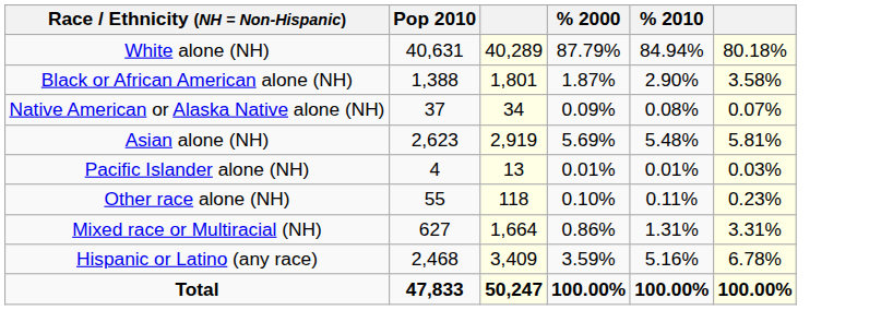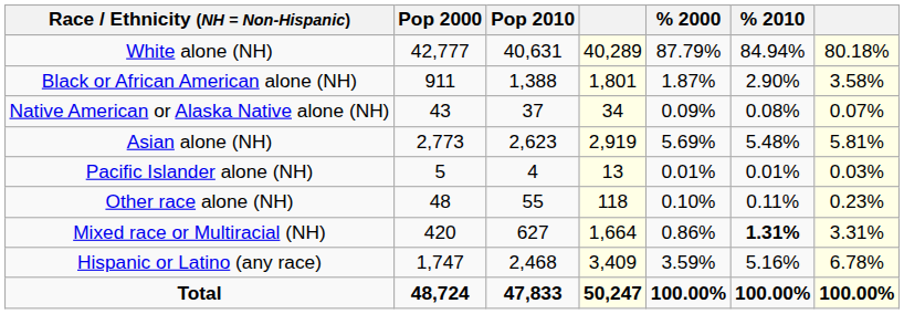 <table class="wikitable" style="text-align:center;">
 <tr>
 <th>Race / Ethnicity <small>(<em>NH = Non-Hispanic</em>)</small></th>
+<th>Pop 2000</th>
 <th>Pop 2010</th>
 <th></th>
 <th>% 2000</th>
 <th>% 2010</th>
 <th></th>
 </tr>
 <tr>
 <td><a href='#'>White</a> alone (NH)</td>
+<td>42,777</td>
 <td>40,631</td>
 <td style='background: #ffffe6;'>40,289</td>
 <td>87.79%</td>
 <td>84.94%</td>
 <td style='background: #ffffe6;'>80.18%</td>
 </tr>
 <tr>
 <td><a href='#'>Black or African American</a> alone (NH)</td>
+<td>911</td>
 <td>1,388</td>
 <td style='background: #ffffe6;'>1,801</td>
 <td>1.87%</td>
 <td>2.90%</td>
 <td style='background: #ffffe6;'>3.58%</td>
 </tr>
 <tr>
 <td><a href='#'>Native American</a> or <a href='#'>Alaska Native</a> alone (NH)</td>
+<td>43</td>
 <td>37</td>
 <td style='background: #ffffe6;'>34</td>
 <td>0.09%</td>
 <td>0.08%</td>
 <td style='background: #ffffe6;'>0.07%</td>
 </tr>
 <tr>
 <td><a href='#'>Asian</a> alone (NH)</td>
+<td>2,773</td>
 <td>2,623</td>
 <td style='background: #ffffe6;'>2,919</td>
 <td>5.69%</td>
 <td>5.48%</td>
 <td style='background: #ffffe6;'>5.81%</td>
 </tr>
 <tr>
 <td><a href='#'>Pacific Islander</a> alone (NH)</td>
+<td>5</td>
 <td>4</td>
 <td style='background: #ffffe6;'>13</td>
 <td>0.01%</td>
 <td>0.01%</td>
 <td style='background: #ffffe6;'>0.03%</td>
 </tr>
 <tr>
 <td><a href='#'>Other race</a> alone (NH)</td>
+<td>48</td>
 <td>55</td>
 <td style='background: #ffffe6;'>118</td>
 <td>0.10%</td>
 <td>0.11%</td>
 <td style='background: #ffffe6;'>0.23%</td>
 </tr>
 <tr>
 <td><a href='#'>Mixed race or Multiracial</a> (NH)</td>
+<td>420</td>
 <td>627</td>
 <td style='background: #ffffe6;'>1,664</td>
 <td>0.86%</td>
-<td>1.31%</td>
+<td><strong>1.31%</strong></td>
 <td style='background: #ffffe6;'>3.31%</td>
 </tr>
 <tr>
 <td><a href='#'>Hispanic or Latino</a> (any race)</td>
+<td>1,747</td>
 <td>2,468</td>
 <td style='background: #ffffe6;'>3,409</td>
 <td>3.59%</td>
 <td>5.16%</td>
 <td style='background: #ffffe6;'>6.78%</td>
 </tr>
 <tr>
 <td><strong>Total</strong></td>
+<td><strong>48,724</strong></td>
 <td><strong>47,833</strong></td>
 <td style='background: #ffffe6;'><strong>50,247</strong></td>
 <td><strong>100.00%</strong></td>
 <td><strong>100.00%</strong></td>
 <td style='background: #ffffe6;'><strong>100.00%</strong></td>
 </tr>
 </table>
